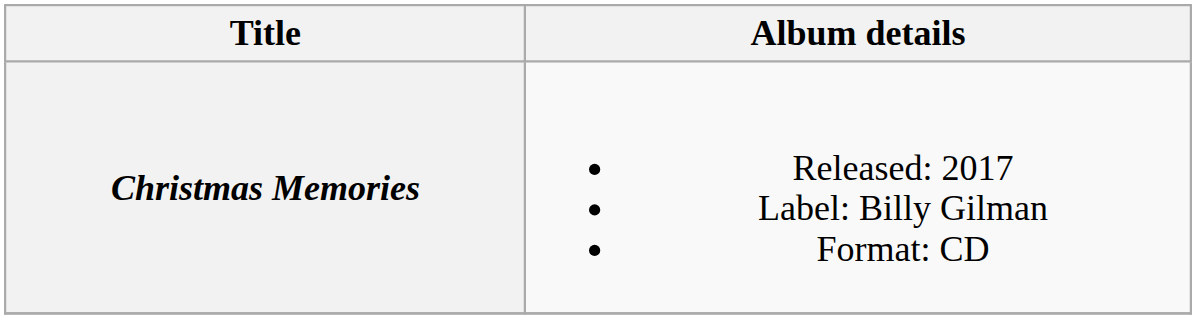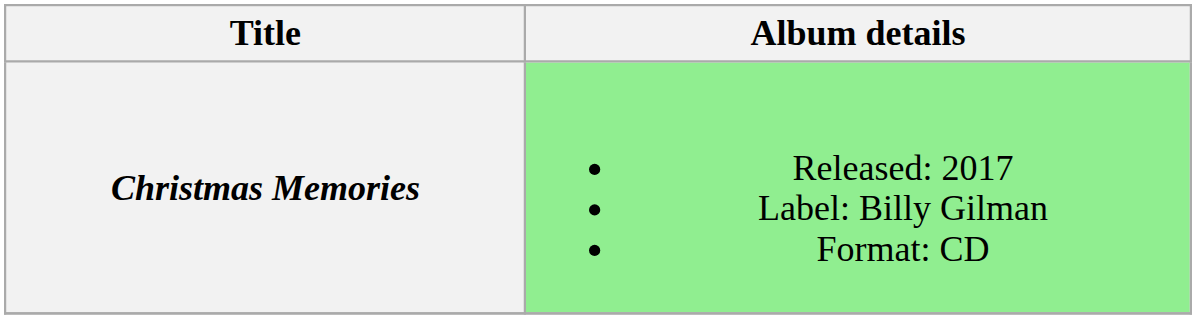 <table class="wikitable plainrowheaders" style="text-align:center;">
 <tr>
 <th style="width:14em;">Title</th>
 <th style="width:18em;">Album details</th>
 </tr>
 <tr>
 <th scope="row"><em>Christmas Memories</em></th>
-<td><br><ul><li>Released: 2017</li><li>Label: Billy Gilman</li><li>Format: CD</li></ul></td>
+<td style="background: lightgreen;"><br><ul><li>Released: 2017</li><li>Label: Billy Gilman</li><li>Format: CD</li></ul></td>
 </tr>
 <tr>
 </tr>
 </table>
